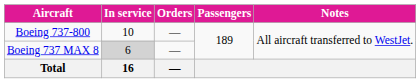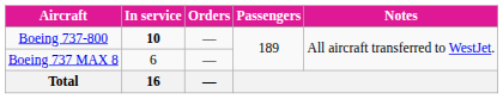 <table class="wikitable" style="border-collapse:collapse;text-align:center;margin:auto;">
 <tr>
 <th style="background:#DF1995; color:white">Aircraft</th>
 <th style="background:#DF1995; color:white">In service</th>
 <th style="background:#DF1995; color:white">Orders</th>
 <th style="background:#DF1995; color:white">Passengers</th>
 <th style="background:#DF1995; color:white">Notes</th>
 </tr>
 <tr>
 <td><a href='#'>Boeing 737-800</a></td>
-<td>10</td>
+<td><strong>10</strong></td>
 <td>—</td>
 <td rowspan="2">189</td>
 <td rowspan="2">All aircraft transferred to <a href='#'>WestJet</a>.</td>
 </tr>
 <tr>
 <td><a href='#'>Boeing 737 MAX 8</a></td>
-<td style="background: lightgrey;">6</td>
+<td>6</td>
 <td>—</td>
 </tr>
 <tr>
 <th>Total</th>
 <th>16</th>
 <th>—</th>
 <th colspan="2"></th>
 </tr>
 </table>
